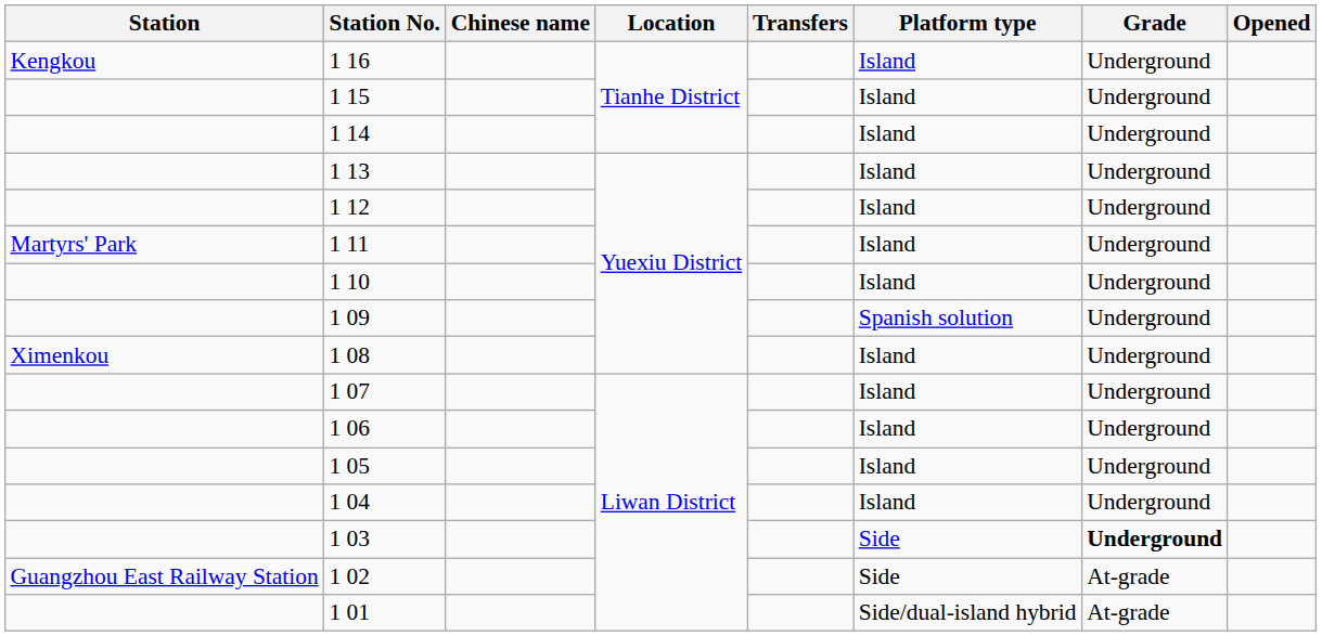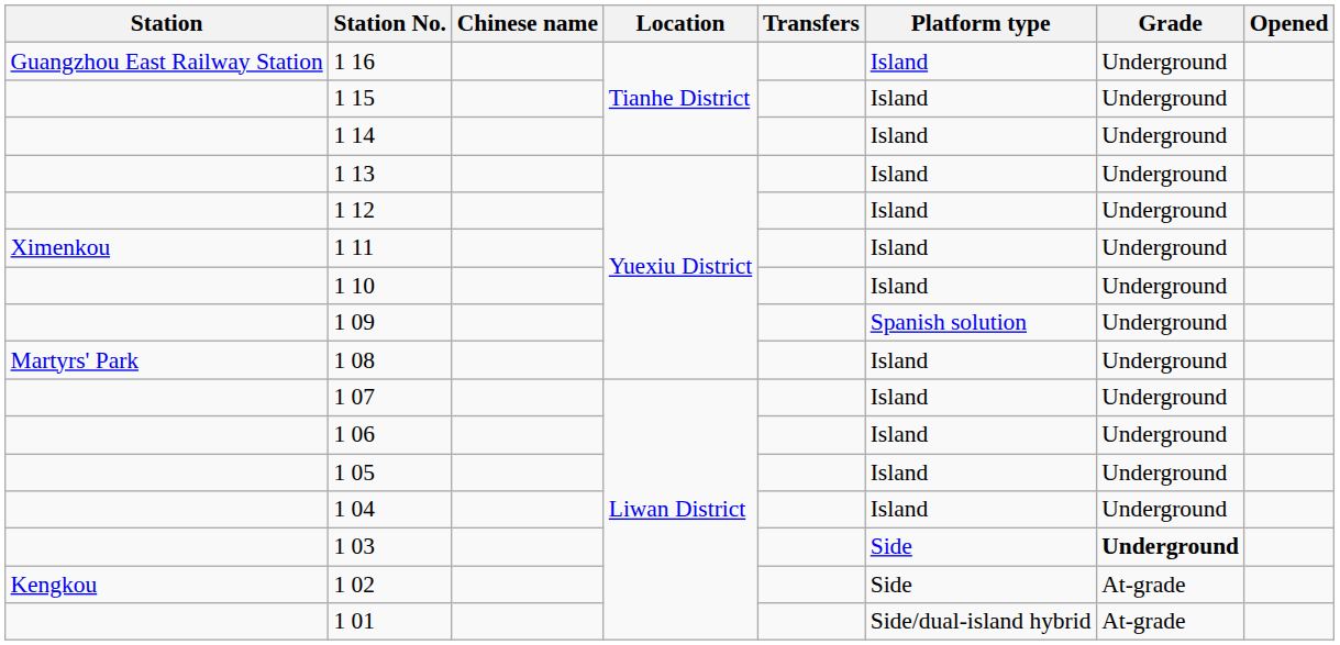 <table class="wikitable">
 <tr>
 <th>Station</th>
 <th>Station No.</th>
 <th>Chinese name</th>
 <th>Location</th>
 <th>Transfers</th>
 <th>Platform type</th>
 <th>Grade</th>
 <th>Opened</th>
 </tr>
 <tr>
-<td><a href='#'>Kengkou</a></td>
+<td><a href='#'>Guangzhou East Railway Station</a></td>
 <td>1 16</td>
 <td></td>
 <td rowspan="3"><a href='#'>Tianhe District</a></td>
 <td style="text-align: center;"></td>
 <td><a href='#'>Island</a></td>
 <td>Underground</td>
 <td></td>
 </tr>
 <tr>
 <td></td>
 <td>1 15</td>
 <td></td>
 <td></td>
 <td>Island</td>
 <td>Underground</td>
 <td></td>
 </tr>
 <tr>
 <td></td>
 <td>1 14</td>
 <td></td>
 <td style="text-align: center;"></td>
 <td>Island</td>
 <td>Underground</td>
 <td></td>
 </tr>
 <tr>
 <td></td>
 <td>1 13</td>
 <td></td>
 <td rowspan="6"><a href='#'>Yuexiu District</a></td>
 <td style="text-align: center;"></td>
 <td>Island</td>
 <td>Underground</td>
 <td></td>
 </tr>
 <tr>
 <td></td>
 <td>1 12</td>
 <td></td>
 <td style="text-align: center;"></td>
 <td>Island</td>
 <td>Underground</td>
 <td></td>
 </tr>
 <tr>
-<td><a href='#'>Martyrs' Park</a></td>
+<td><a href='#'>Ximenkou</a></td>
 <td>1 11</td>
 <td></td>
 <td></td>
 <td>Island</td>
 <td>Underground</td>
 <td></td>
 </tr>
 <tr>
 <td></td>
 <td>1 10</td>
 <td></td>
 <td></td>
 <td>Island</td>
 <td>Underground</td>
 <td></td>
 </tr>
 <tr>
 <td></td>
 <td>1 09</td>
 <td></td>
 <td style="text-align: center;"></td>
 <td><a href='#'>Spanish solution</a></td>
 <td>Underground</td>
 <td></td>
 </tr>
 <tr>
-<td><a href='#'>Ximenkou</a></td>
+<td><a href='#'>Martyrs' Park</a></td>
 <td>1 08</td>
 <td></td>
 <td></td>
 <td>Island</td>
 <td>Underground</td>
 <td></td>
 </tr>
 <tr>
 <td></td>
 <td>1 07</td>
 <td></td>
 <td rowspan="7"><a href='#'>Liwan District</a></td>
 <td style="text-align: center"></td>
 <td>Island</td>
 <td>Underground</td>
 <td></td>
 </tr>
 <tr>
 <td></td>
 <td>1 06</td>
 <td></td>
 <td></td>
 <td>Island</td>
 <td>Underground</td>
 <td></td>
 </tr>
 <tr>
 <td></td>
 <td>1 05</td>
 <td></td>
 <td style="text-align: center;"></td>
 <td>Island</td>
 <td>Underground</td>
 <td></td>
 </tr>
 <tr>
 <td></td>
 <td>1 04</td>
 <td></td>
 <td style="text-align: center;"></td>
 <td>Island</td>
 <td>Underground</td>
 <td></td>
 </tr>
 <tr>
 <td></td>
 <td>1 03</td>
 <td></td>
 <td></td>
 <td><a href='#'>Side</a></td>
 <td><strong>Underground</strong></td>
 <td></td>
 </tr>
 <tr>
-<td><a href='#'>Guangzhou East Railway Station</a></td>
+<td><a href='#'>Kengkou</a></td>
 <td>1 02</td>
 <td></td>
 <td></td>
 <td>Side</td>
 <td>At-grade</td>
 <td></td>
 </tr>
 <tr>
 <td></td>
 <td>1 01</td>
 <td></td>
 <td style="text-align: center;"></td>
 <td>Side/dual-island hybrid</td>
 <td>At-grade</td>
 <td></td>
 </tr>
 </table>
